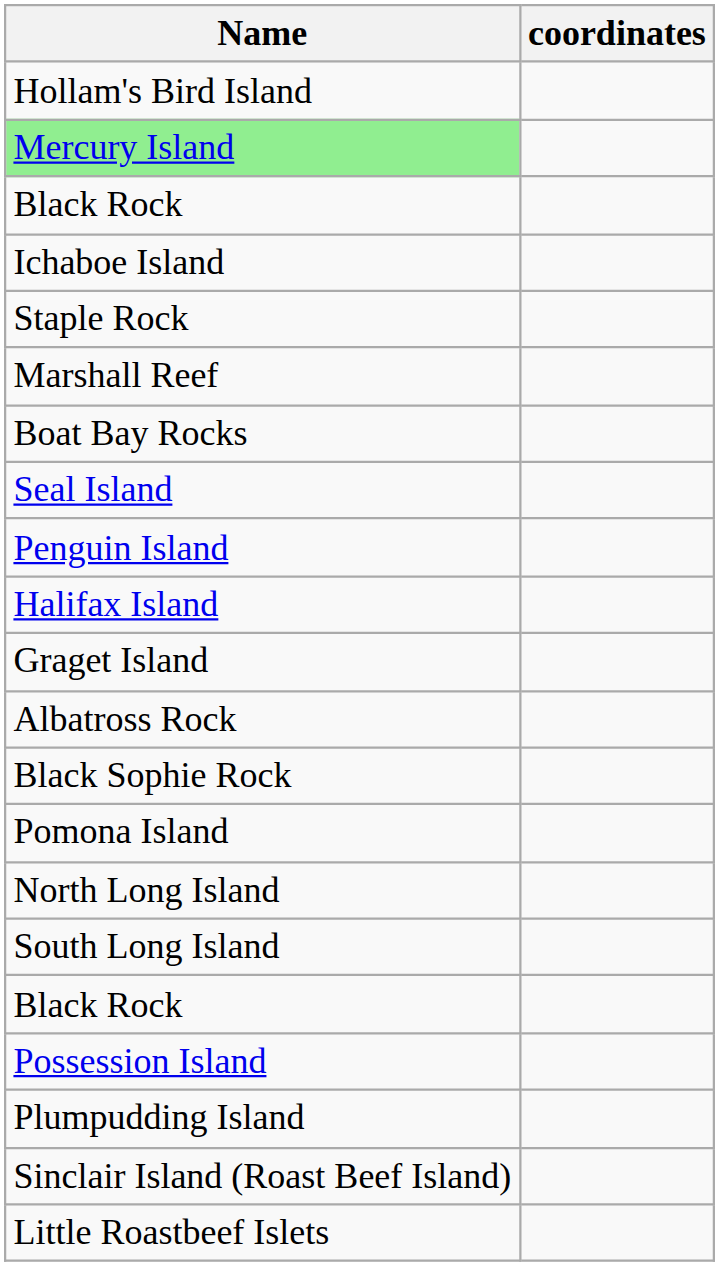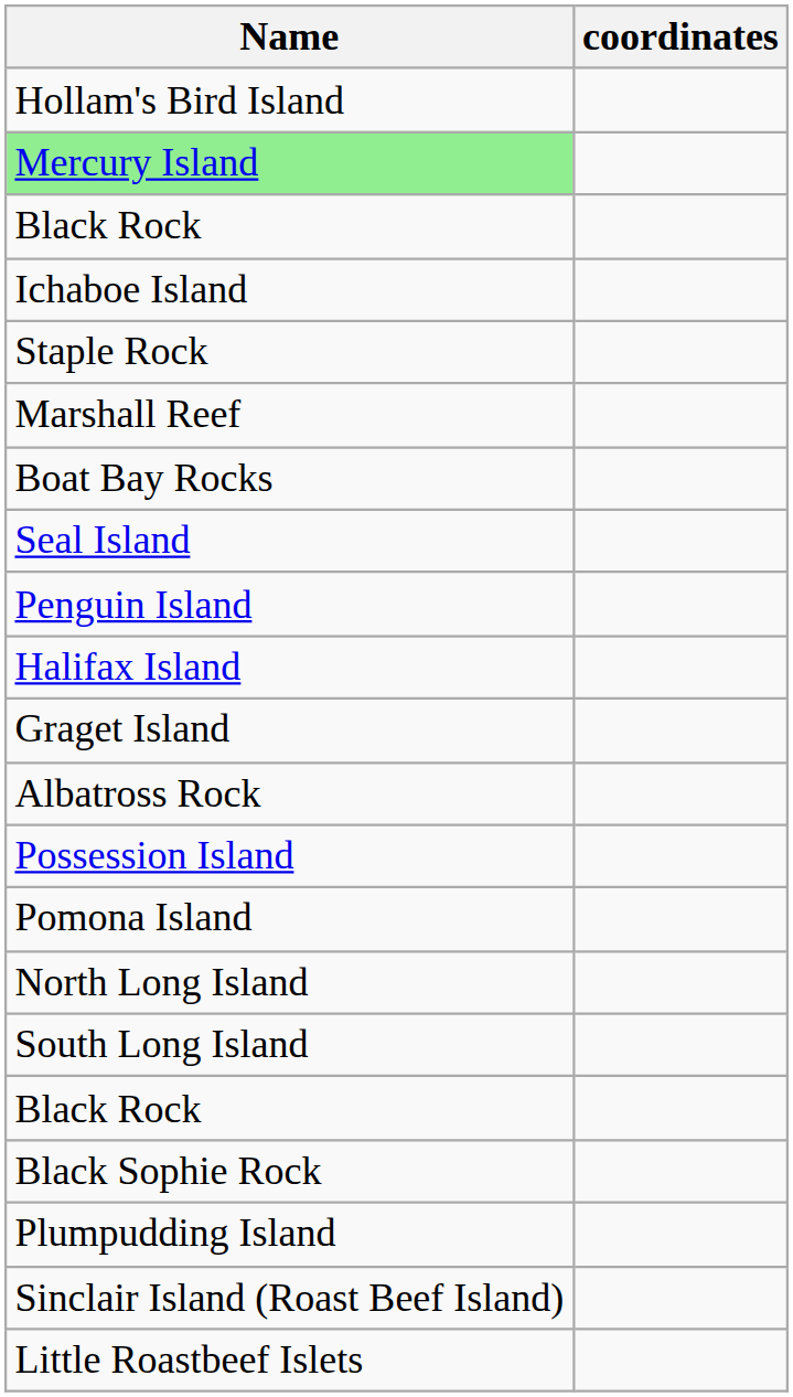 <table class="wikitable">
 <tr>
 <th>Name</th>
 <th>coordinates</th>
 </tr>
 <tr>
 <td>Hollam's Bird Island</td>
 <td><small></small></td>
 </tr>
 <tr>
 <td style="background: lightgreen;"><a href='#'>Mercury Island</a></td>
 <td><small></small></td>
 </tr>
 <tr>
 <td>Black Rock</td>
 <td><small></small></td>
 </tr>
 <tr>
 <td>Ichaboe Island</td>
 <td><small></small></td>
 </tr>
 <tr>
 <td>Staple Rock</td>
 <td><small></small></td>
 </tr>
 <tr>
 <td>Marshall Reef</td>
 <td><small></small></td>
 </tr>
 <tr>
 <td>Boat Bay Rocks</td>
 <td><small></small></td>
 </tr>
 <tr>
 <td><a href='#'>Seal Island</a></td>
 <td><small></small></td>
 </tr>
 <tr>
 <td><a href='#'>Penguin Island</a></td>
 <td><small></small></td>
 </tr>
 <tr>
 <td><a href='#'>Halifax Island</a></td>
 <td><small></small></td>
 </tr>
 <tr>
 <td>Graget Island</td>
 <td><small></small></td>
 </tr>
 <tr>
 <td>Albatross Rock</td>
 <td><small></small></td>
 </tr>
 <tr>
-<td>Black Sophie Rock</td>
+<td><a href='#'>Possession Island</a></td>
 <td><small></small></td>
 </tr>
 <tr>
 <td>Pomona Island</td>
 <td><small></small></td>
 </tr>
 <tr>
 <td>North Long Island</td>
 <td><small></small></td>
 </tr>
 <tr>
 <td>South Long Island</td>
 <td><small></small></td>
 </tr>
 <tr>
 <td>Black Rock</td>
 <td><small></small></td>
 </tr>
 <tr>
-<td><a href='#'>Possession Island</a></td>
+<td>Black Sophie Rock</td>
 <td><small></small></td>
 </tr>
 <tr>
 <td>Plumpudding Island</td>
 <td><small></small></td>
 </tr>
 <tr>
 <td>Sinclair Island (Roast Beef Island)</td>
 <td><small></small></td>
 </tr>
 <tr>
 <td>Little Roastbeef Islets</td>
 <td><small></small></td>
 </tr>
 </table>
